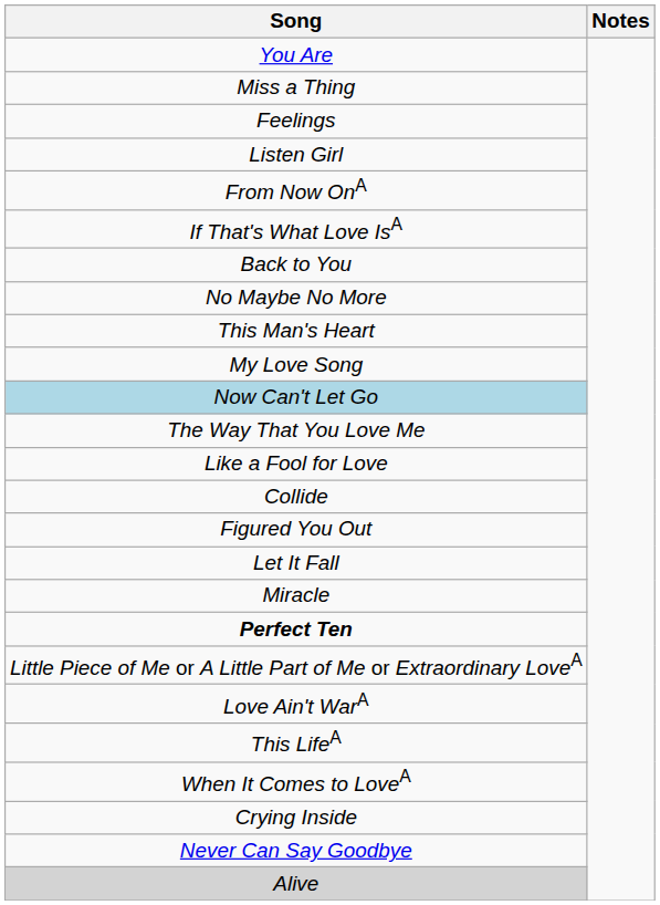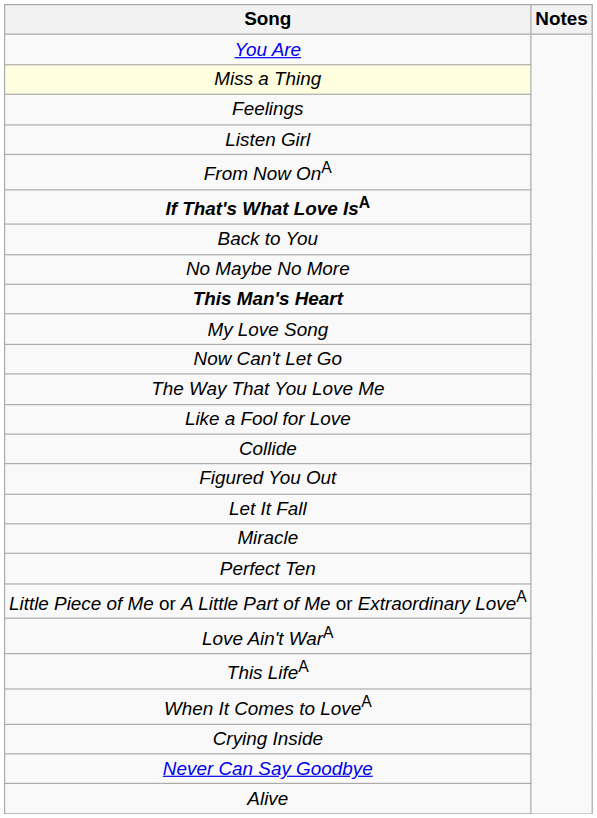 <table class="wikitable sortable" style="text-align:center;">
 <tr style="background:#ccc;">
 <th>Song</th>
 <th>Notes</th>
 </tr>
 <tr>
 <td><em><a href='#'>You Are</a></em></td>
 </tr>
 <tr>
-<td><em>Miss a Thing</em></td>
+<td style="background: lightyellow;"><em>Miss a Thing</em></td>
 </tr>
 <tr>
 <td><em>Feelings</em></td>
 </tr>
 <tr>
 <td><em>Listen Girl</em></td>
 </tr>
 <tr>
 <td><em>From Now On</em><sup>A</sup></td>
 </tr>
 <tr>
-<td><em>If That's What Love Is</em><sup>A</sup></td>
+<td><strong><em>If That's What Love Is</em><sup>A</sup></strong></td>
 </tr>
 <tr>
 <td><em>Back to You</em></td>
 </tr>
 <tr>
 <td><em>No Maybe No More</em></td>
 </tr>
 <tr>
-<td><em>This Man's Heart</em></td>
+<td><strong><em>This Man's Heart</em></strong></td>
 </tr>
 <tr>
 <td><em>My Love Song</em></td>
 </tr>
 <tr>
-<td style="background: lightblue;"><em>Now Can't Let Go</em></td>
+<td><em>Now Can't Let Go</em></td>
 </tr>
 <tr>
 <td><em>The Way That You Love Me</em></td>
 </tr>
 <tr>
 <td><em>Like a Fool for Love</em></td>
 </tr>
 <tr>
 <td><em>Collide</em></td>
 </tr>
 <tr>
 <td><em>Figured You Out</em></td>
 </tr>
 <tr>
 <td><em>Let It Fall</em></td>
 </tr>
 <tr>
 <td><em>Miracle</em></td>
 </tr>
 <tr>
-<td><strong><em>Perfect Ten</em></strong></td>
+<td><em>Perfect Ten</em></td>
 </tr>
 <tr>
 <td><em>Little Piece of Me</em> or <em>A Little Part of Me</em> or <em>Extraordinary Love</em><sup>A</sup></td>
 </tr>
 <tr>
 <td><em>Love Ain't War</em><sup>A</sup></td>
 </tr>
 <tr>
 <td><em>This Life</em><sup>A</sup></td>
 </tr>
 <tr>
 <td><em>When It Comes to Love</em><sup>A</sup></td>
 </tr>
 <tr>
 <td><em>Crying Inside</em></td>
 </tr>
 <tr>
 <td><em><a href='#'>Never Can Say Goodbye</a></em></td>
 </tr>
 <tr>
-<td style="background: lightgrey;"><em>Alive</em></td>
+<td><em>Alive</em></td>
 </tr>
 <tr>
 </tr>
 </table>
